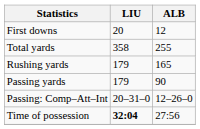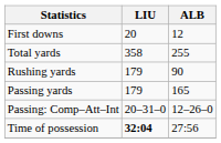 <table class="wikitable" style="float: left;">
 <tr>
 <th>Statistics</th>
 <th>LIU</th>
 <th>ALB</th>
 </tr>
 <tr>
 <td>First downs</td>
 <td>20</td>
 <td>12</td>
 </tr>
 <tr>
 <td>Total yards</td>
 <td>358</td>
 <td>255</td>
 </tr>
 <tr>
 <td>Rushing yards</td>
 <td>179</td>
-<td>165</td>
+<td>90</td>
 </tr>
 <tr>
 <td>Passing yards</td>
 <td>179</td>
-<td>90</td>
+<td>165</td>
 </tr>
 <tr>
 <td>Passing: Comp–Att–Int</td>
 <td>20–31–0</td>
 <td>12–26–0</td>
 </tr>
 <tr>
 <td>Time of possession</td>
 <td><strong>32:04</strong></td>
 <td>27:56</td>
 </tr>
 <tr>
 </tr>
 </table>
